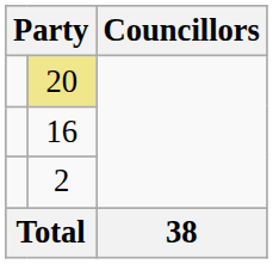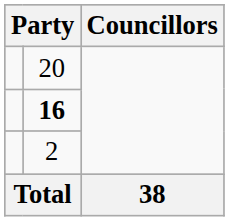 <table class="wikitable">
 <tr>
 <th colspan=2>Party</th>
 <th>Councillors</th>
 </tr>
 <tr>
 <td></td>
-<td align=center style="background: khaki;">20</td>
+<td align=center>20</td>
 </tr>
 <tr>
 <td></td>
-<td align=center>16</td>
+<td align=center><strong>16</strong></td>
 </tr>
 <tr>
 <td></td>
 <td align=center>2</td>
 </tr>
 <tr>
 <th colspan=2>Total</th>
 <th align=center>38</th>
 </tr>
 </table>
